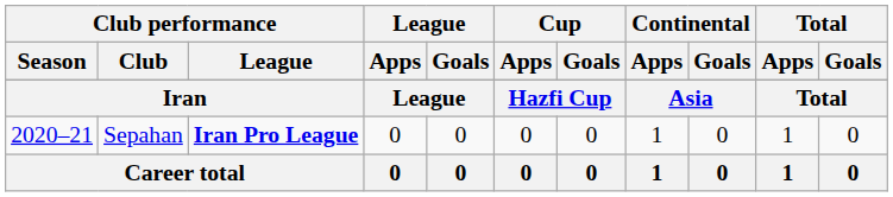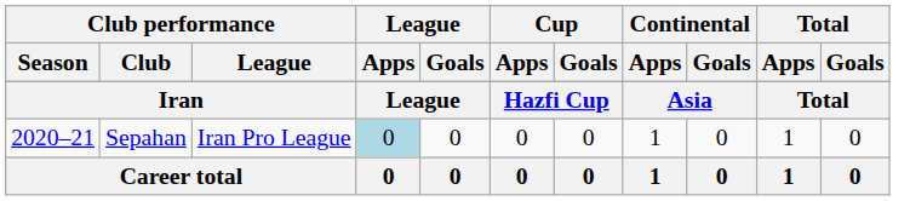 <table class="wikitable" style="text-align:center">
 <tr>
 <th colspan=3>Club performance</th>
 <th colspan=2>League</th>
 <th colspan=2>Cup</th>
 <th colspan=2>Continental</th>
 <th colspan=2>Total</th>
 </tr>
 <tr>
 <th>Season</th>
 <th>Club</th>
 <th>League</th>
 <th>Apps</th>
 <th>Goals</th>
 <th>Apps</th>
 <th>Goals</th>
 <th>Apps</th>
 <th>Goals</th>
 <th>Apps</th>
 <th>Goals</th>
 </tr>
 <tr>
 </tr>
 <tr>
 <th colspan=3>Iran</th>
 <th colspan=2>League</th>
 <th colspan=2><a href='#'>Hazfi Cup</a></th>
 <th colspan=2><a href='#'>Asia</a></th>
 <th colspan=2>Total</th>
 </tr>
 <tr>
 <td><a href='#'>2020–21</a></td>
 <td rowspan="1"><a href='#'>Sepahan</a></td>
-<td rowspan="1"><strong><a href='#'>Iran Pro League</a></strong></td>
-<td>0</td>
+<td rowspan="1"><a href='#'>Iran Pro League</a></td>
+<td style="background: lightblue;">0</td>
 <td>0</td>
 <td>0</td>
 <td>0</td>
 <td>1</td>
 <td>0</td>
 <td>1</td>
 <td>0</td>
 </tr>
 <tr>
 <th colspan=3>Career total</th>
 <th>0</th>
 <th>0</th>
 <th>0</th>
 <th>0</th>
 <th>1</th>
 <th>0</th>
 <th>1</th>
 <th>0</th>
 </tr>
 </table>
